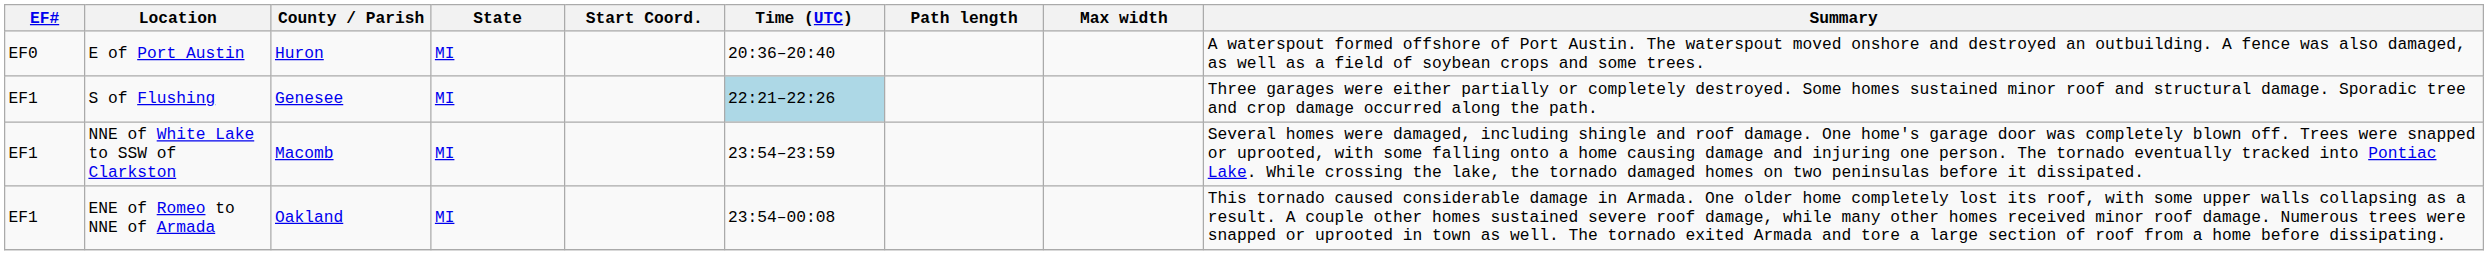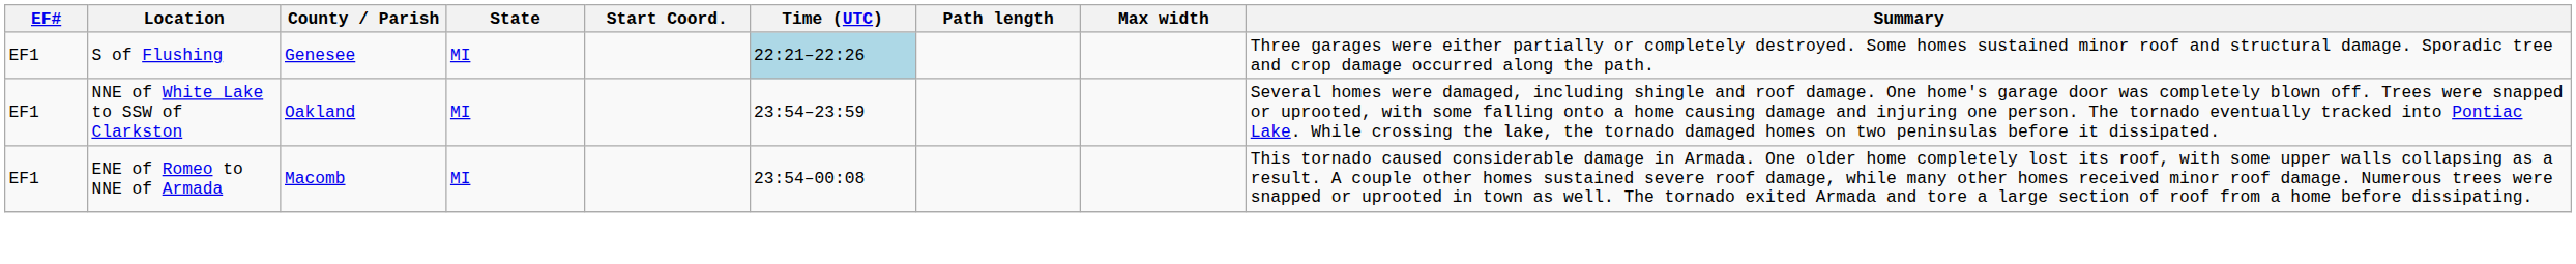 <table class="wikitable sortable" style="width:100%;">
 <tr>
 <th scope="col"  style="width:3%; text-align:center;"><a href='#'>EF#</a></th>
 <th scope="col"  style="width:7%; text-align:center;" class="unsortable">Location</th>
 <th scope="col"  style="width:6%; text-align:center;" class="unsortable">County / Parish</th>
 <th scope="col"  style="width:5%; text-align:center;">State</th>
 <th scope="col"  style="width:6%; text-align:center;">Start Coord.</th>
 <th scope="col"  style="width:6%; text-align:center;">Time (<a href='#'>UTC</a>)</th>
 <th scope="col"  style="width:6%; text-align:center;">Path length</th>
 <th scope="col"  style="width:6%; text-align:center;">Max width</th>
 <th scope="col" class="unsortable" style="width:48%; text-align:center;">Summary</th>
-</tr>
-<tr>
-<td>EF0</td>
-<td>E of <a href='#'>Port Austin</a></td>
-<td><a href='#'>Huron</a></td>
-<td><a href='#'>MI</a></td>
-<td></td>
-<td>20:36–20:40</td>
-<td></td>
-<td></td>
-<td>A waterspout formed offshore of Port Austin. The waterspout moved onshore and destroyed an outbuilding. A fence was also damaged, as well as a field of soybean crops and some trees.</td>
 </tr>
 <tr>
 <td>EF1</td>
 <td>S of <a href='#'>Flushing</a></td>
 <td><a href='#'>Genesee</a></td>
 <td><a href='#'>MI</a></td>
 <td></td>
 <td style="background: lightblue;">22:21–22:26</td>
 <td></td>
 <td></td>
 <td>Three garages were either partially or completely destroyed. Some homes sustained minor roof and structural damage. Sporadic tree and crop damage occurred along the path.</td>
 </tr>
 <tr>
 <td>EF1</td>
 <td>NNE of <a href='#'>White Lake</a> to SSW of <a href='#'>Clarkston</a></td>
-<td><a href='#'>Macomb</a></td>
+<td><a href='#'>Oakland</a></td>
 <td><a href='#'>MI</a></td>
 <td></td>
 <td>23:54–23:59</td>
 <td></td>
 <td></td>
 <td>Several homes were damaged, including shingle and roof damage. One home's garage door was completely blown off. Trees were snapped or uprooted, with some falling onto a home causing damage and injuring one person. The tornado eventually tracked into <a href='#'>Pontiac Lake</a>. While crossing the lake, the tornado damaged homes on two peninsulas before it dissipated.</td>
 </tr>
 <tr>
 <td>EF1</td>
 <td>ENE of <a href='#'>Romeo</a> to NNE of <a href='#'>Armada</a></td>
-<td><a href='#'>Oakland</a></td>
+<td><a href='#'>Macomb</a></td>
 <td><a href='#'>MI</a></td>
 <td></td>
 <td>23:54–00:08</td>
 <td></td>
 <td></td>
 <td>This tornado caused considerable damage in Armada. One older home completely lost its roof, with some upper walls collapsing as a result. A couple other homes sustained severe roof damage, while many other homes received minor roof damage. Numerous trees were snapped or uprooted in town as well. The tornado exited Armada and tore a large section of roof from a home before dissipating.</td>
 </tr>
 <tr>
 </tr>
 </table>
